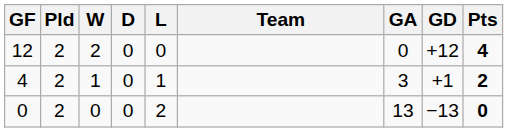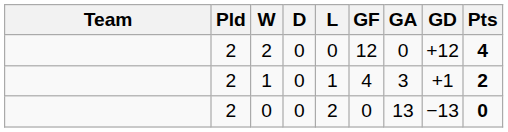 <table class="wikitable" style="text-align: center;">
 <tr>
-<th width=20>GF</th>
+<th width=165>Team</th>
 <th width=20>Pld</th>
 <th width=20>W</th>
 <th width=20>D</th>
 <th width=20>L</th>
-<th width=165>Team</th>
+<th width=20>GF</th>
 <th width=20>GA</th>
 <th width=20>GD</th>
 <th width=20>Pts</th>
 </tr>
 <tr>
-<td>12</td>
+<td style="text-align:left;"></td>
 <td>2</td>
 <td>2</td>
 <td>0</td>
 <td>0</td>
-<td style="text-align:left;"></td>
+<td>12</td>
 <td>0</td>
 <td>+12</td>
 <td><strong>4</strong></td>
 </tr>
 <tr>
-<td>4</td>
+<td style="text-align:left;"></td>
 <td>2</td>
 <td>1</td>
 <td>0</td>
 <td>1</td>
-<td style="text-align:left;"></td>
+<td>4</td>
 <td>3</td>
 <td>+1</td>
 <td><strong>2</strong></td>
 </tr>
 <tr>
-<td>0</td>
+<td style="text-align:left;"></td>
 <td>2</td>
 <td>0</td>
 <td>0</td>
 <td>2</td>
-<td style="text-align:left;"></td>
+<td>0</td>
 <td>13</td>
 <td>−13</td>
 <td><strong>0</strong></td>
 </tr>
 </table>
